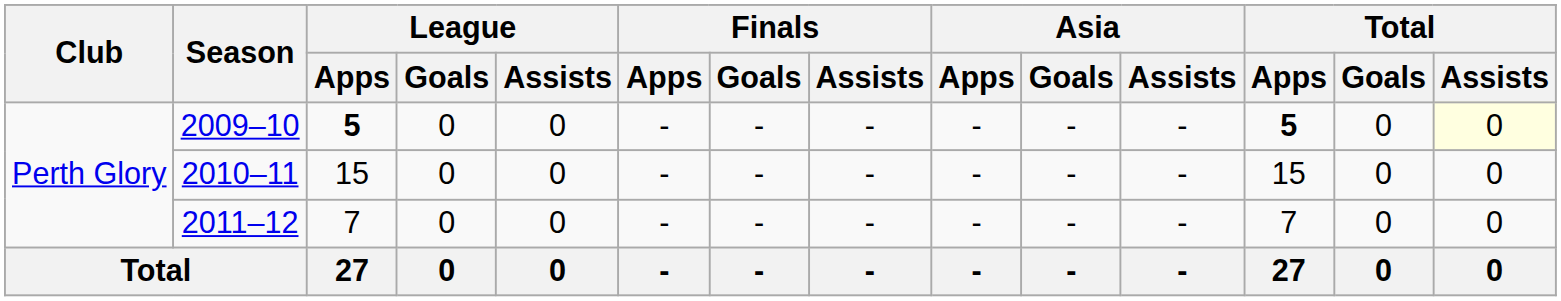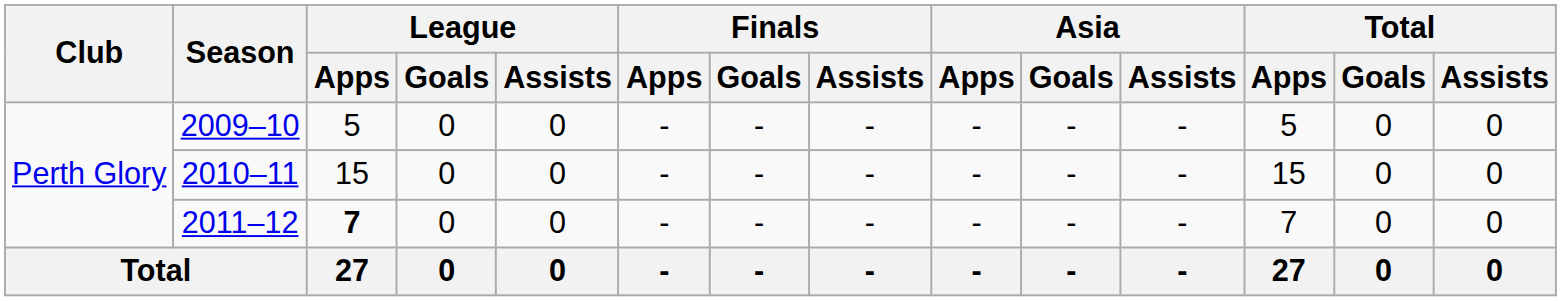 <table class="wikitable" style="text-align: center;">
 <tr>
 <th rowspan="2">Club</th>
 <th rowspan="2">Season</th>
 <th colspan="3">League</th>
 <th colspan="3">Finals</th>
 <th colspan="3">Asia</th>
 <th colspan="3">Total</th>
 </tr>
 <tr>
 <th>Apps</th>
 <th>Goals</th>
 <th>Assists</th>
 <th>Apps</th>
 <th>Goals</th>
 <th>Assists</th>
 <th>Apps</th>
 <th>Goals</th>
 <th>Assists</th>
 <th>Apps</th>
 <th>Goals</th>
 <th>Assists</th>
 </tr>
 <tr>
 <td rowspan="3" valign="center"><a href='#'>Perth Glory</a></td>
 <td><a href='#'>2009–10</a></td>
-<td><strong>5</strong></td>
+<td>5</td>
 <td>0</td>
 <td>0</td>
 <td>-</td>
 <td>-</td>
 <td>-</td>
 <td>-</td>
 <td>-</td>
 <td>-</td>
-<td><strong>5</strong></td>
+<td>5</td>
 <td>0</td>
-<td style="background: lightyellow;">0</td>
+<td>0</td>
 </tr>
 <tr>
 <td><a href='#'>2010–11</a></td>
 <td>15</td>
 <td>0</td>
 <td>0</td>
 <td>-</td>
 <td>-</td>
 <td>-</td>
 <td>-</td>
 <td>-</td>
 <td>-</td>
 <td>15</td>
 <td>0</td>
 <td>0</td>
 </tr>
 <tr>
 <td><a href='#'>2011–12</a></td>
-<td>7</td>
+<td><strong>7</strong></td>
 <td>0</td>
 <td>0</td>
 <td>-</td>
 <td>-</td>
 <td>-</td>
 <td>-</td>
 <td>-</td>
 <td>-</td>
 <td>7</td>
 <td>0</td>
 <td>0</td>
 </tr>
 <tr>
 <th colspan="2">Total</th>
 <th>27</th>
 <th>0</th>
 <th>0</th>
 <th>-</th>
 <th>-</th>
 <th>-</th>
 <th>-</th>
 <th>-</th>
 <th>-</th>
 <th>27</th>
 <th>0</th>
 <th>0</th>
 </tr>
 </table>
